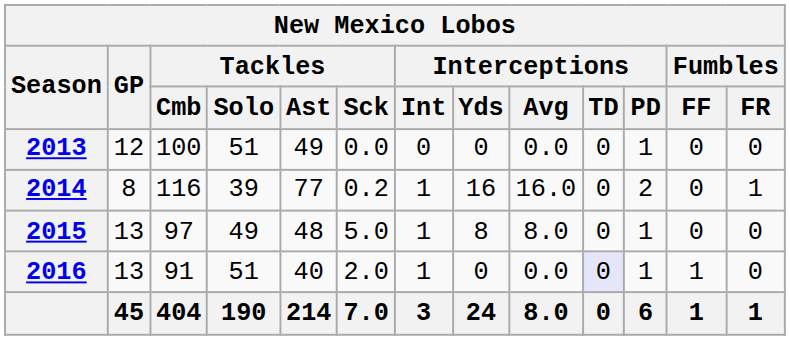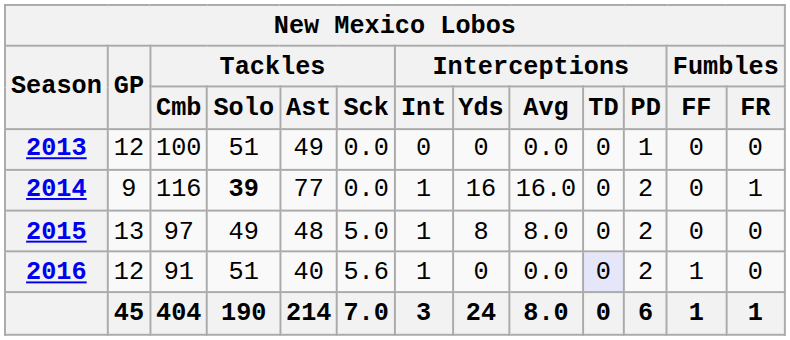 <table class="wikitable" style="text-align:center;">
 <tr>
 <th colspan="13">New Mexico Lobos</th>
 </tr>
 <tr>
 <th rowspan="2">Season</th>
 <th rowspan="2">GP</th>
 <th colspan="4">Tackles</th>
 <th colspan="5">Interceptions</th>
 <th colspan="2">Fumbles</th>
 </tr>
 <tr>
 <th>Cmb</th>
 <th>Solo</th>
 <th>Ast</th>
 <th>Sck</th>
 <th>Int</th>
 <th>Yds</th>
 <th>Avg</th>
 <th>TD</th>
 <th>PD</th>
 <th>FF</th>
 <th>FR</th>
 </tr>
 <tr>
 <th><a href='#'>2013</a></th>
 <td>12</td>
 <td>100</td>
 <td>51</td>
 <td>49</td>
 <td>0.0</td>
 <td>0</td>
 <td>0</td>
 <td>0.0</td>
 <td>0</td>
 <td>1</td>
 <td>0</td>
 <td>0</td>
 </tr>
 <tr>
 <th><a href='#'>2014</a></th>
-<td>8</td>
+<td>9</td>
 <td>116</td>
-<td>39</td>
+<td><strong>39</strong></td>
 <td>77</td>
-<td>0.2</td>
+<td>0.0</td>
 <td>1</td>
 <td>16</td>
 <td>16.0</td>
 <td>0</td>
 <td>2</td>
 <td>0</td>
 <td>1</td>
 </tr>
 <tr>
 <th><a href='#'>2015</a></th>
 <td>13</td>
 <td>97</td>
 <td>49</td>
 <td>48</td>
 <td>5.0</td>
 <td>1</td>
 <td>8</td>
 <td>8.0</td>
 <td>0</td>
-<td>1</td>
+<td>2</td>
 <td>0</td>
 <td>0</td>
 </tr>
 <tr>
 <th><a href='#'>2016</a></th>
-<td>13</td>
+<td>12</td>
 <td>91</td>
 <td>51</td>
 <td>40</td>
-<td>2.0</td>
+<td>5.6</td>
 <td>1</td>
 <td>0</td>
 <td>0.0</td>
 <td style="background: lavender;">0</td>
-<td>1</td>
+<td>2</td>
 <td>1</td>
 <td>0</td>
 </tr>
 <tr>
 <th colspan="1"></th>
 <th>45</th>
 <th>404</th>
 <th>190</th>
 <th>214</th>
 <th>7.0</th>
 <th>3</th>
 <th>24</th>
 <th>8.0</th>
 <th>0</th>
 <th>6</th>
 <th>1</th>
 <th>1</th>
 </tr>
 </table>
